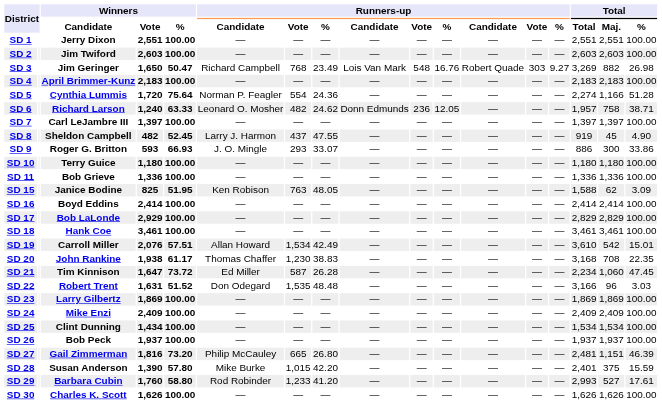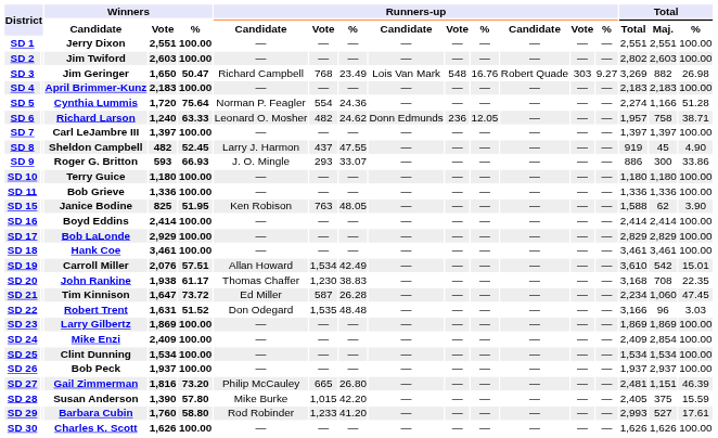 <table class="toccolours sortable" style="text-align:center;">
 <tr style="background:lavender">
 <th rowspan="3" colspan="2">District</th>
 <th colspan=3>Winners</th>
 <th colspan=9>Runners-up</th>
 <th colspan=3>Total</th>
 </tr>
 <tr>
 <th colspan=3 style="background-color:"></th>
 <th colspan=9 style="background-color:#FF9955"></th>
 <th colspan=3 style="background-color:#000000"></th>
 </tr>
 <tr>
 <th align="center">Candidate</th>
 <th align="center">Vote</th>
 <th align="center">%</th>
 <th align="center">Candidate</th>
 <th align="center">Vote</th>
 <th align="center">%</th>
 <th align="center">Candidate</th>
 <th align="center">Vote</th>
 <th align="center">%</th>
 <th align="center">Candidate</th>
 <th align="center">Vote</th>
 <th align="center">%</th>
 <th align="center">Total</th>
 <th align="center">Maj.</th>
 <th align="center">%</th>
 </tr>
 <tr>
 <th><a href='#'>SD 1</a></th>
 <td style="background-color:"></td>
 <td><strong>Jerry Dixon</strong></td>
 <td><strong>2,551</strong></td>
 <td><strong>100.00</strong></td>
 <td>—</td>
 <td>—</td>
 <td>—</td>
 <td>—</td>
 <td>—</td>
 <td>—</td>
 <td>—</td>
 <td>—</td>
 <td>—</td>
 <td>2,551</td>
 <td>2,551</td>
 <td>100.00</td>
 </tr>
 <tr style="background:#EEEEEE;">
 <th><a href='#'>SD 2</a></th>
 <td style="background-color:"></td>
 <td><strong>Jim Twiford</strong></td>
 <td><strong>2,603</strong></td>
 <td><strong>100.00</strong></td>
 <td>—</td>
 <td>—</td>
 <td>—</td>
 <td>—</td>
 <td>—</td>
 <td>—</td>
 <td>—</td>
 <td>—</td>
 <td>—</td>
-<td>2,603</td>
+<td>2,802</td>
 <td>2,603</td>
 <td>100.00</td>
 </tr>
 <tr>
 <th><a href='#'>SD 3</a></th>
 <td style="background-color:"></td>
 <td><strong>Jim Geringer</strong></td>
 <td><strong>1,650</strong></td>
 <td><strong>50.47</strong></td>
 <td>Richard Campbell</td>
 <td>768</td>
 <td>23.49</td>
 <td>Lois Van Mark</td>
 <td>548</td>
 <td>16.76</td>
 <td>Robert Quade</td>
 <td>303</td>
 <td>9.27</td>
 <td>3,269</td>
 <td>882</td>
 <td>26.98</td>
 </tr>
 <tr style="background:#EEEEEE;">
 <th><a href='#'>SD 4</a></th>
 <td style="background-color:"></td>
 <td><strong><a href='#'>April Brimmer-Kunz</a></strong></td>
 <td><strong>2,183</strong></td>
 <td><strong>100.00</strong></td>
 <td>—</td>
 <td>—</td>
 <td>—</td>
 <td>—</td>
 <td>—</td>
 <td>—</td>
 <td>—</td>
 <td>—</td>
 <td>—</td>
 <td>2,183</td>
 <td>2,183</td>
 <td>100.00</td>
 </tr>
 <tr>
 <th><a href='#'>SD 5</a></th>
 <td style="background-color:"></td>
 <td><strong><a href='#'>Cynthia Lummis</a></strong></td>
 <td><strong>1,720</strong></td>
 <td><strong>75.64</strong></td>
 <td>Norman P. Feagler</td>
 <td>554</td>
 <td>24.36</td>
 <td>—</td>
 <td>—</td>
 <td>—</td>
 <td>—</td>
 <td>—</td>
 <td>—</td>
 <td>2,274</td>
 <td>1,166</td>
 <td>51.28</td>
 </tr>
 <tr style="background:#EEEEEE;">
 <th><a href='#'>SD 6</a></th>
 <td style="background-color:"></td>
 <td><strong><a href='#'>Richard Larson</a></strong></td>
 <td><strong>1,240</strong></td>
 <td><strong>63.33</strong></td>
 <td>Leonard O. Mosher</td>
 <td>482</td>
 <td>24.62</td>
 <td>Donn Edmunds</td>
 <td>236</td>
 <td>12.05</td>
 <td>—</td>
 <td>—</td>
 <td>—</td>
 <td>1,957</td>
 <td>758</td>
 <td>38.71</td>
 </tr>
 <tr>
 <th><a href='#'>SD 7</a></th>
 <td style="background-color:"></td>
 <td><strong>Carl LeJambre III</strong></td>
 <td><strong>1,397</strong></td>
 <td><strong>100.00</strong></td>
 <td>—</td>
 <td>—</td>
 <td>—</td>
 <td>—</td>
 <td>—</td>
 <td>—</td>
 <td>—</td>
 <td>—</td>
 <td>—</td>
 <td>1,397</td>
 <td>1,397</td>
 <td>100.00</td>
 </tr>
 <tr style="background:#EEEEEE;">
 <th><a href='#'>SD 8</a></th>
 <td style="background-color:"></td>
 <td><strong>Sheldon Campbell</strong></td>
 <td><strong>482</strong></td>
 <td><strong>52.45</strong></td>
 <td>Larry J. Harmon</td>
 <td>437</td>
 <td>47.55</td>
 <td>—</td>
 <td>—</td>
 <td>—</td>
 <td>—</td>
 <td>—</td>
 <td>—</td>
 <td>919</td>
 <td>45</td>
 <td>4.90</td>
 </tr>
 <tr>
 <th><a href='#'>SD 9</a></th>
 <td style="background-color:"></td>
 <td><strong>Roger G. Britton</strong></td>
 <td><strong>593</strong></td>
 <td><strong>66.93</strong></td>
 <td>J. O. Mingle</td>
 <td>293</td>
 <td>33.07</td>
 <td>—</td>
 <td>—</td>
 <td>—</td>
 <td>—</td>
 <td>—</td>
 <td>—</td>
 <td>886</td>
 <td>300</td>
 <td>33.86</td>
 </tr>
 <tr style="background:#EEEEEE;">
 <th><a href='#'>SD 10</a></th>
 <td style="background-color:"></td>
 <td><strong>Terry Guice</strong></td>
 <td><strong>1,180</strong></td>
 <td><strong>100.00</strong></td>
 <td>—</td>
 <td>—</td>
 <td>—</td>
 <td>—</td>
 <td>—</td>
 <td>—</td>
 <td>—</td>
 <td>—</td>
 <td>—</td>
 <td>1,180</td>
 <td>1,180</td>
 <td>100.00</td>
 </tr>
 <tr>
 <th><a href='#'>SD 11</a></th>
 <td style="background-color:"></td>
 <td><strong>Bob Grieve</strong></td>
 <td><strong>1,336</strong></td>
 <td><strong>100.00</strong></td>
 <td>—</td>
 <td>—</td>
 <td>—</td>
 <td>—</td>
 <td>—</td>
 <td>—</td>
 <td>—</td>
 <td>—</td>
 <td>—</td>
 <td>1,336</td>
 <td>1,336</td>
 <td>100.00</td>
 </tr>
 <tr style="background:#EEEEEE;">
 <th><a href='#'>SD 15</a></th>
 <td style="background-color:"></td>
 <td><strong>Janice Bodine</strong></td>
 <td><strong>825</strong></td>
 <td><strong>51.95</strong></td>
 <td>Ken Robison</td>
 <td>763</td>
 <td>48.05</td>
 <td>—</td>
 <td>—</td>
 <td>—</td>
 <td>—</td>
 <td>—</td>
 <td>—</td>
 <td>1,588</td>
 <td>62</td>
-<td>3.09</td>
+<td>3.90</td>
 </tr>
 <tr>
 <th><a href='#'>SD 16</a></th>
 <td style="background-color:"></td>
 <td><strong>Boyd Eddins</strong></td>
 <td><strong>2,414</strong></td>
 <td><strong>100.00</strong></td>
 <td>—</td>
 <td>—</td>
 <td>—</td>
 <td>—</td>
 <td>—</td>
 <td>—</td>
 <td>—</td>
 <td>—</td>
 <td>—</td>
 <td>2,414</td>
 <td>2,414</td>
 <td>100.00</td>
 </tr>
 <tr style="background:#EEEEEE;">
 <th><a href='#'>SD 17</a></th>
 <td style="background-color:"></td>
 <td><strong><a href='#'>Bob LaLonde</a></strong></td>
 <td><strong>2,929</strong></td>
 <td><strong>100.00</strong></td>
 <td>—</td>
 <td>—</td>
 <td>—</td>
 <td>—</td>
 <td>—</td>
 <td>—</td>
 <td>—</td>
 <td>—</td>
 <td>—</td>
 <td>2,829</td>
 <td>2,829</td>
 <td>100.00</td>
 </tr>
 <tr>
 <th><a href='#'>SD 18</a></th>
 <td style="background-color:"></td>
 <td><strong><a href='#'>Hank Coe</a></strong></td>
 <td><strong>3,461</strong></td>
 <td><strong>100.00</strong></td>
 <td>—</td>
 <td>—</td>
 <td>—</td>
 <td>—</td>
 <td>—</td>
 <td>—</td>
 <td>—</td>
 <td>—</td>
 <td>—</td>
 <td>3,461</td>
 <td>3,461</td>
 <td>100.00</td>
 </tr>
 <tr style="background:#EEEEEE;">
 <th><a href='#'>SD 19</a></th>
 <td style="background-color:"></td>
 <td><strong>Carroll Miller</strong></td>
 <td><strong>2,076</strong></td>
 <td><strong>57.51</strong></td>
 <td>Allan Howard</td>
 <td>1,534</td>
 <td>42.49</td>
 <td>—</td>
 <td>—</td>
 <td>—</td>
 <td>—</td>
 <td>—</td>
 <td>—</td>
 <td>3,610</td>
 <td>542</td>
 <td>15.01</td>
 </tr>
 <tr>
 <th><a href='#'>SD 20</a></th>
 <td style="background-color:"></td>
 <td><strong><a href='#'>John Rankine</a></strong></td>
 <td><strong>1,938</strong></td>
 <td><strong>61.17</strong></td>
 <td>Thomas Chaffer</td>
 <td>1,230</td>
 <td>38.83</td>
 <td>—</td>
 <td>—</td>
 <td>—</td>
 <td>—</td>
 <td>—</td>
 <td>—</td>
 <td>3,168</td>
 <td>708</td>
 <td>22.35</td>
 </tr>
 <tr style="background:#EEEEEE;">
 <th><a href='#'>SD 21</a></th>
 <td style="background-color:"></td>
 <td><strong>Tim Kinnison</strong></td>
 <td><strong>1,647</strong></td>
 <td><strong>73.72</strong></td>
 <td>Ed Miller</td>
 <td>587</td>
 <td>26.28</td>
 <td>—</td>
 <td>—</td>
 <td>—</td>
 <td>—</td>
 <td>—</td>
 <td>—</td>
 <td>2,234</td>
 <td>1,060</td>
 <td>47.45</td>
 </tr>
 <tr>
 <th><a href='#'>SD 22</a></th>
 <td style="background-color:"></td>
 <td><strong><a href='#'>Robert Trent</a></strong></td>
 <td><strong>1,631</strong></td>
 <td><strong>51.52</strong></td>
 <td>Don Odegard</td>
 <td>1,535</td>
 <td>48.48</td>
 <td>—</td>
 <td>—</td>
 <td>—</td>
 <td>—</td>
 <td>—</td>
 <td>—</td>
 <td>3,166</td>
 <td>96</td>
 <td>3.03</td>
 </tr>
 <tr style="background:#EEEEEE;">
 <th><a href='#'>SD 23</a></th>
 <td style="background-color:"></td>
 <td><strong><a href='#'>Larry Gilbertz</a></strong></td>
 <td><strong>1,869</strong></td>
 <td><strong>100.00</strong></td>
 <td>—</td>
 <td>—</td>
 <td>—</td>
 <td>—</td>
 <td>—</td>
 <td>—</td>
 <td>—</td>
 <td>—</td>
 <td>—</td>
 <td>1,869</td>
 <td>1,869</td>
 <td>100.00</td>
 </tr>
 <tr>
 <th><a href='#'>SD 24</a></th>
 <td style="background-color:"></td>
 <td><strong><a href='#'>Mike Enzi</a></strong></td>
 <td><strong>2,409</strong></td>
 <td><strong>100.00</strong></td>
 <td>—</td>
 <td>—</td>
 <td>—</td>
 <td>—</td>
 <td>—</td>
 <td>—</td>
 <td>—</td>
 <td>—</td>
 <td>—</td>
 <td>2,409</td>
-<td>2,409</td>
+<td>2,854</td>
 <td>100.00</td>
 </tr>
 <tr style="background:#EEEEEE;">
 <th><a href='#'>SD 25</a></th>
 <td style="background-color:"></td>
 <td><strong>Clint Dunning</strong></td>
-<td><strong>1,434</strong></td>
+<td><strong>1,534</strong></td>
 <td><strong>100.00</strong></td>
 <td>—</td>
 <td>—</td>
 <td>—</td>
 <td>—</td>
 <td>—</td>
 <td>—</td>
 <td>—</td>
 <td>—</td>
 <td>—</td>
 <td>1,534</td>
 <td>1,534</td>
 <td>100.00</td>
 </tr>
 <tr>
 <th><a href='#'>SD 26</a></th>
 <td style="background-color:"></td>
 <td><strong>Bob Peck</strong></td>
 <td><strong>1,937</strong></td>
 <td><strong>100.00</strong></td>
 <td>—</td>
 <td>—</td>
 <td>—</td>
 <td>—</td>
 <td>—</td>
 <td>—</td>
 <td>—</td>
 <td>—</td>
 <td>—</td>
 <td>1,937</td>
-<td>1,937</td>
+<td>2,937</td>
 <td>100.00</td>
 </tr>
 <tr style="background:#EEEEEE;">
 <th><a href='#'>SD 27</a></th>
 <td style="background-color:"></td>
 <td><strong><a href='#'>Gail Zimmerman</a></strong></td>
 <td><strong>1,816</strong></td>
 <td><strong>73.20</strong></td>
 <td>Philip McCauley</td>
 <td>665</td>
 <td>26.80</td>
 <td>—</td>
 <td>—</td>
 <td>—</td>
 <td>—</td>
 <td>—</td>
 <td>—</td>
 <td>2,481</td>
 <td>1,151</td>
 <td>46.39</td>
 </tr>
 <tr>
 <th><a href='#'>SD 28</a></th>
 <td style="background-color:"></td>
 <td><strong>Susan Anderson</strong></td>
 <td><strong>1,390</strong></td>
 <td><strong>57.80</strong></td>
 <td>Mike Burke</td>
 <td>1,015</td>
 <td>42.20</td>
 <td>—</td>
 <td>—</td>
 <td>—</td>
 <td>—</td>
 <td>—</td>
 <td>—</td>
-<td>2,401</td>
+<td>2,405</td>
 <td>375</td>
 <td>15.59</td>
 </tr>
 <tr style="background:#EEEEEE;">
 <th><a href='#'>SD 29</a></th>
 <td style="background-color:"></td>
 <td><strong><a href='#'>Barbara Cubin</a></strong></td>
 <td><strong>1,760</strong></td>
 <td><strong>58.80</strong></td>
 <td>Rod Robinder</td>
 <td>1,233</td>
 <td>41.20</td>
 <td>—</td>
 <td>—</td>
 <td>—</td>
 <td>—</td>
 <td>—</td>
 <td>—</td>
 <td>2,993</td>
 <td>527</td>
 <td>17.61</td>
 </tr>
 <tr>
 <th><a href='#'>SD 30</a></th>
 <td style="background-color:"></td>
 <td><strong><a href='#'>Charles K. Scott</a></strong></td>
 <td><strong>1,626</strong></td>
 <td><strong>100.00</strong></td>
 <td>—</td>
 <td>—</td>
 <td>—</td>
 <td>—</td>
 <td>—</td>
 <td>—</td>
 <td>—</td>
 <td>—</td>
 <td>—</td>
 <td>1,626</td>
 <td>1,626</td>
 <td>100.00</td>
 </tr>
 </table>
